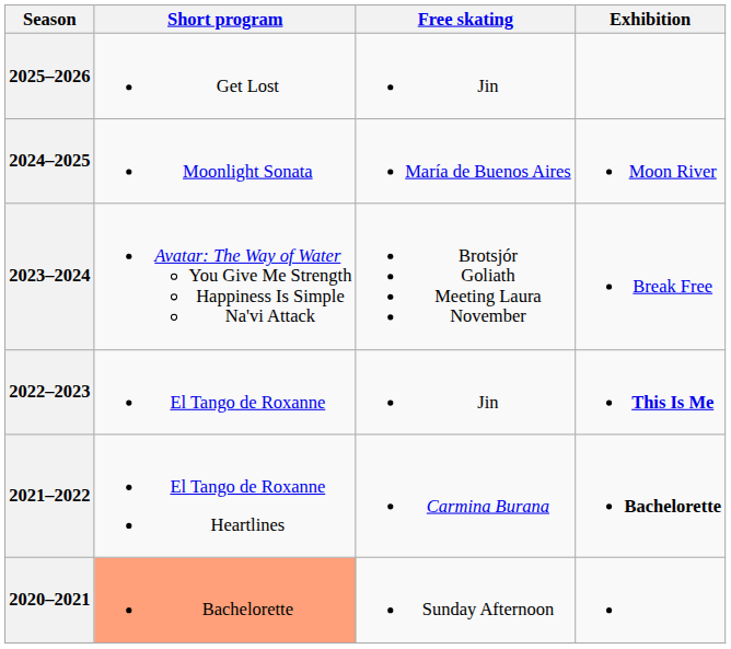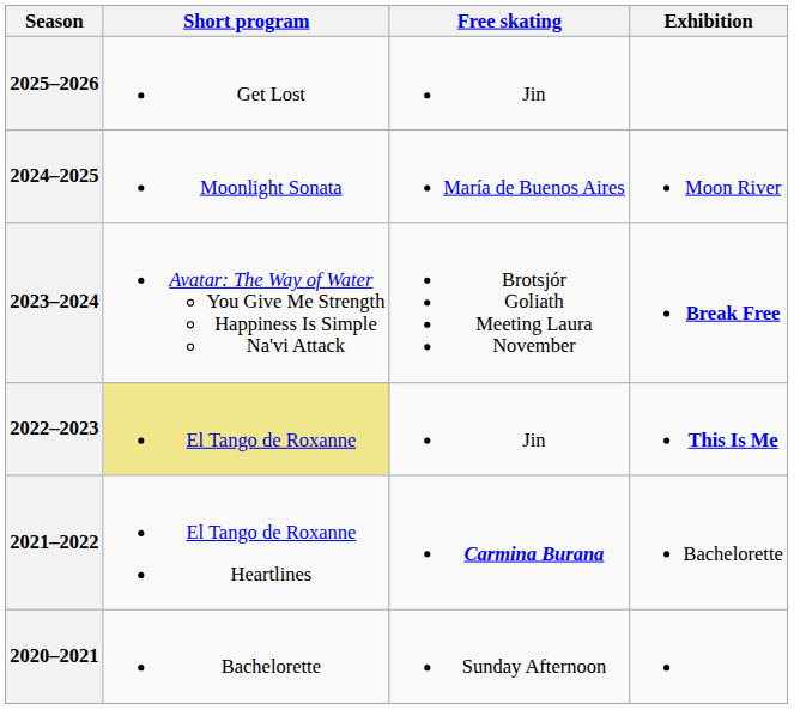 <table class="wikitable" style="text-align:center">
 <tr>
 <th>Season</th>
 <th><a href='#'>Short program</a></th>
 <th><a href='#'>Free skating</a></th>
 <th>Exhibition</th>
 </tr>
 <tr>
 <th>2025–2026 <br> </th>
 <td><br><ul><li>Get Lost <br> </li></ul></td>
 <td><br><ul><li>Jin <br> </li></ul></td>
 <td></td>
 </tr>
 <tr>
 <th>2024–2025 <br></th>
 <td><br><ul><li><a href='#'>Moonlight Sonata</a> <br> </li></ul></td>
 <td><br><ul><li><a href='#'>María de Buenos Aires</a> <br> </li></ul></td>
 <td><br><ul><li><a href='#'>Moon River</a> <br> </li></ul></td>
 </tr>
 <tr>
 <th>2023–2024 <br></th>
 <td><br><ul><li><em><a href='#'>Avatar: The Way of Water</a></em><ul><li>You Give Me Strength</li><li>Happiness Is Simple</li><li>Na'vi Attack <br> </li></ul></li></ul></td>
 <td><br><ul><li>Brotsjór <br> </li><li>Goliath <br> </li><li>Meeting Laura <br> </li><li>November <br> </li></ul></td>
-<td><br><ul><li><a href='#'>Break Free</a> <br></li></ul></td>
+<td><strong><br><ul><li><a href='#'>Break Free</a> <br></li></ul></strong></td>
 </tr>
 <tr>
 <th>2022–2023 <br></th>
-<td><br><ul><li><a href='#'>El Tango de Roxanne</a> <br> </li></ul></td>
+<td style="background: khaki;"><br><ul><li><a href='#'>El Tango de Roxanne</a> <br> </li></ul></td>
 <td><br><ul><li>Jin <br> </li></ul></td>
 <td><strong><br><ul><li><a href='#'> This Is Me</a> <br></li></ul></strong></td>
 </tr>
 <tr>
 <th>2021–2022 <br></th>
 <td><br><ul><li><a href='#'>El Tango de Roxanne</a> <br> </li></ul><ul><li>Heartlines <br> </li></ul></td>
-<td><br><ul><li><em><a href='#'>Carmina Burana</a></em> <br> </li></ul></td>
-<td><strong><br><ul><li>Bachelorette <br> </li></ul></strong></td>
+<td><strong><br><ul><li><em><a href='#'>Carmina Burana</a></em> <br> </li></ul></strong></td>
+<td><br><ul><li>Bachelorette <br> </li></ul></td>
 </tr>
 <tr>
 <th>2020–2021</th>
-<td style="background: lightsalmon;"><br><ul><li>Bachelorette <br> </li></ul></td>
+<td><br><ul><li>Bachelorette <br> </li></ul></td>
 <td><br><ul><li>Sunday Afternoon<br> </li></ul></td>
 <td><br><ul><li></li></ul></td>
 </tr>
 <tr>
 </tr>
 </table>
